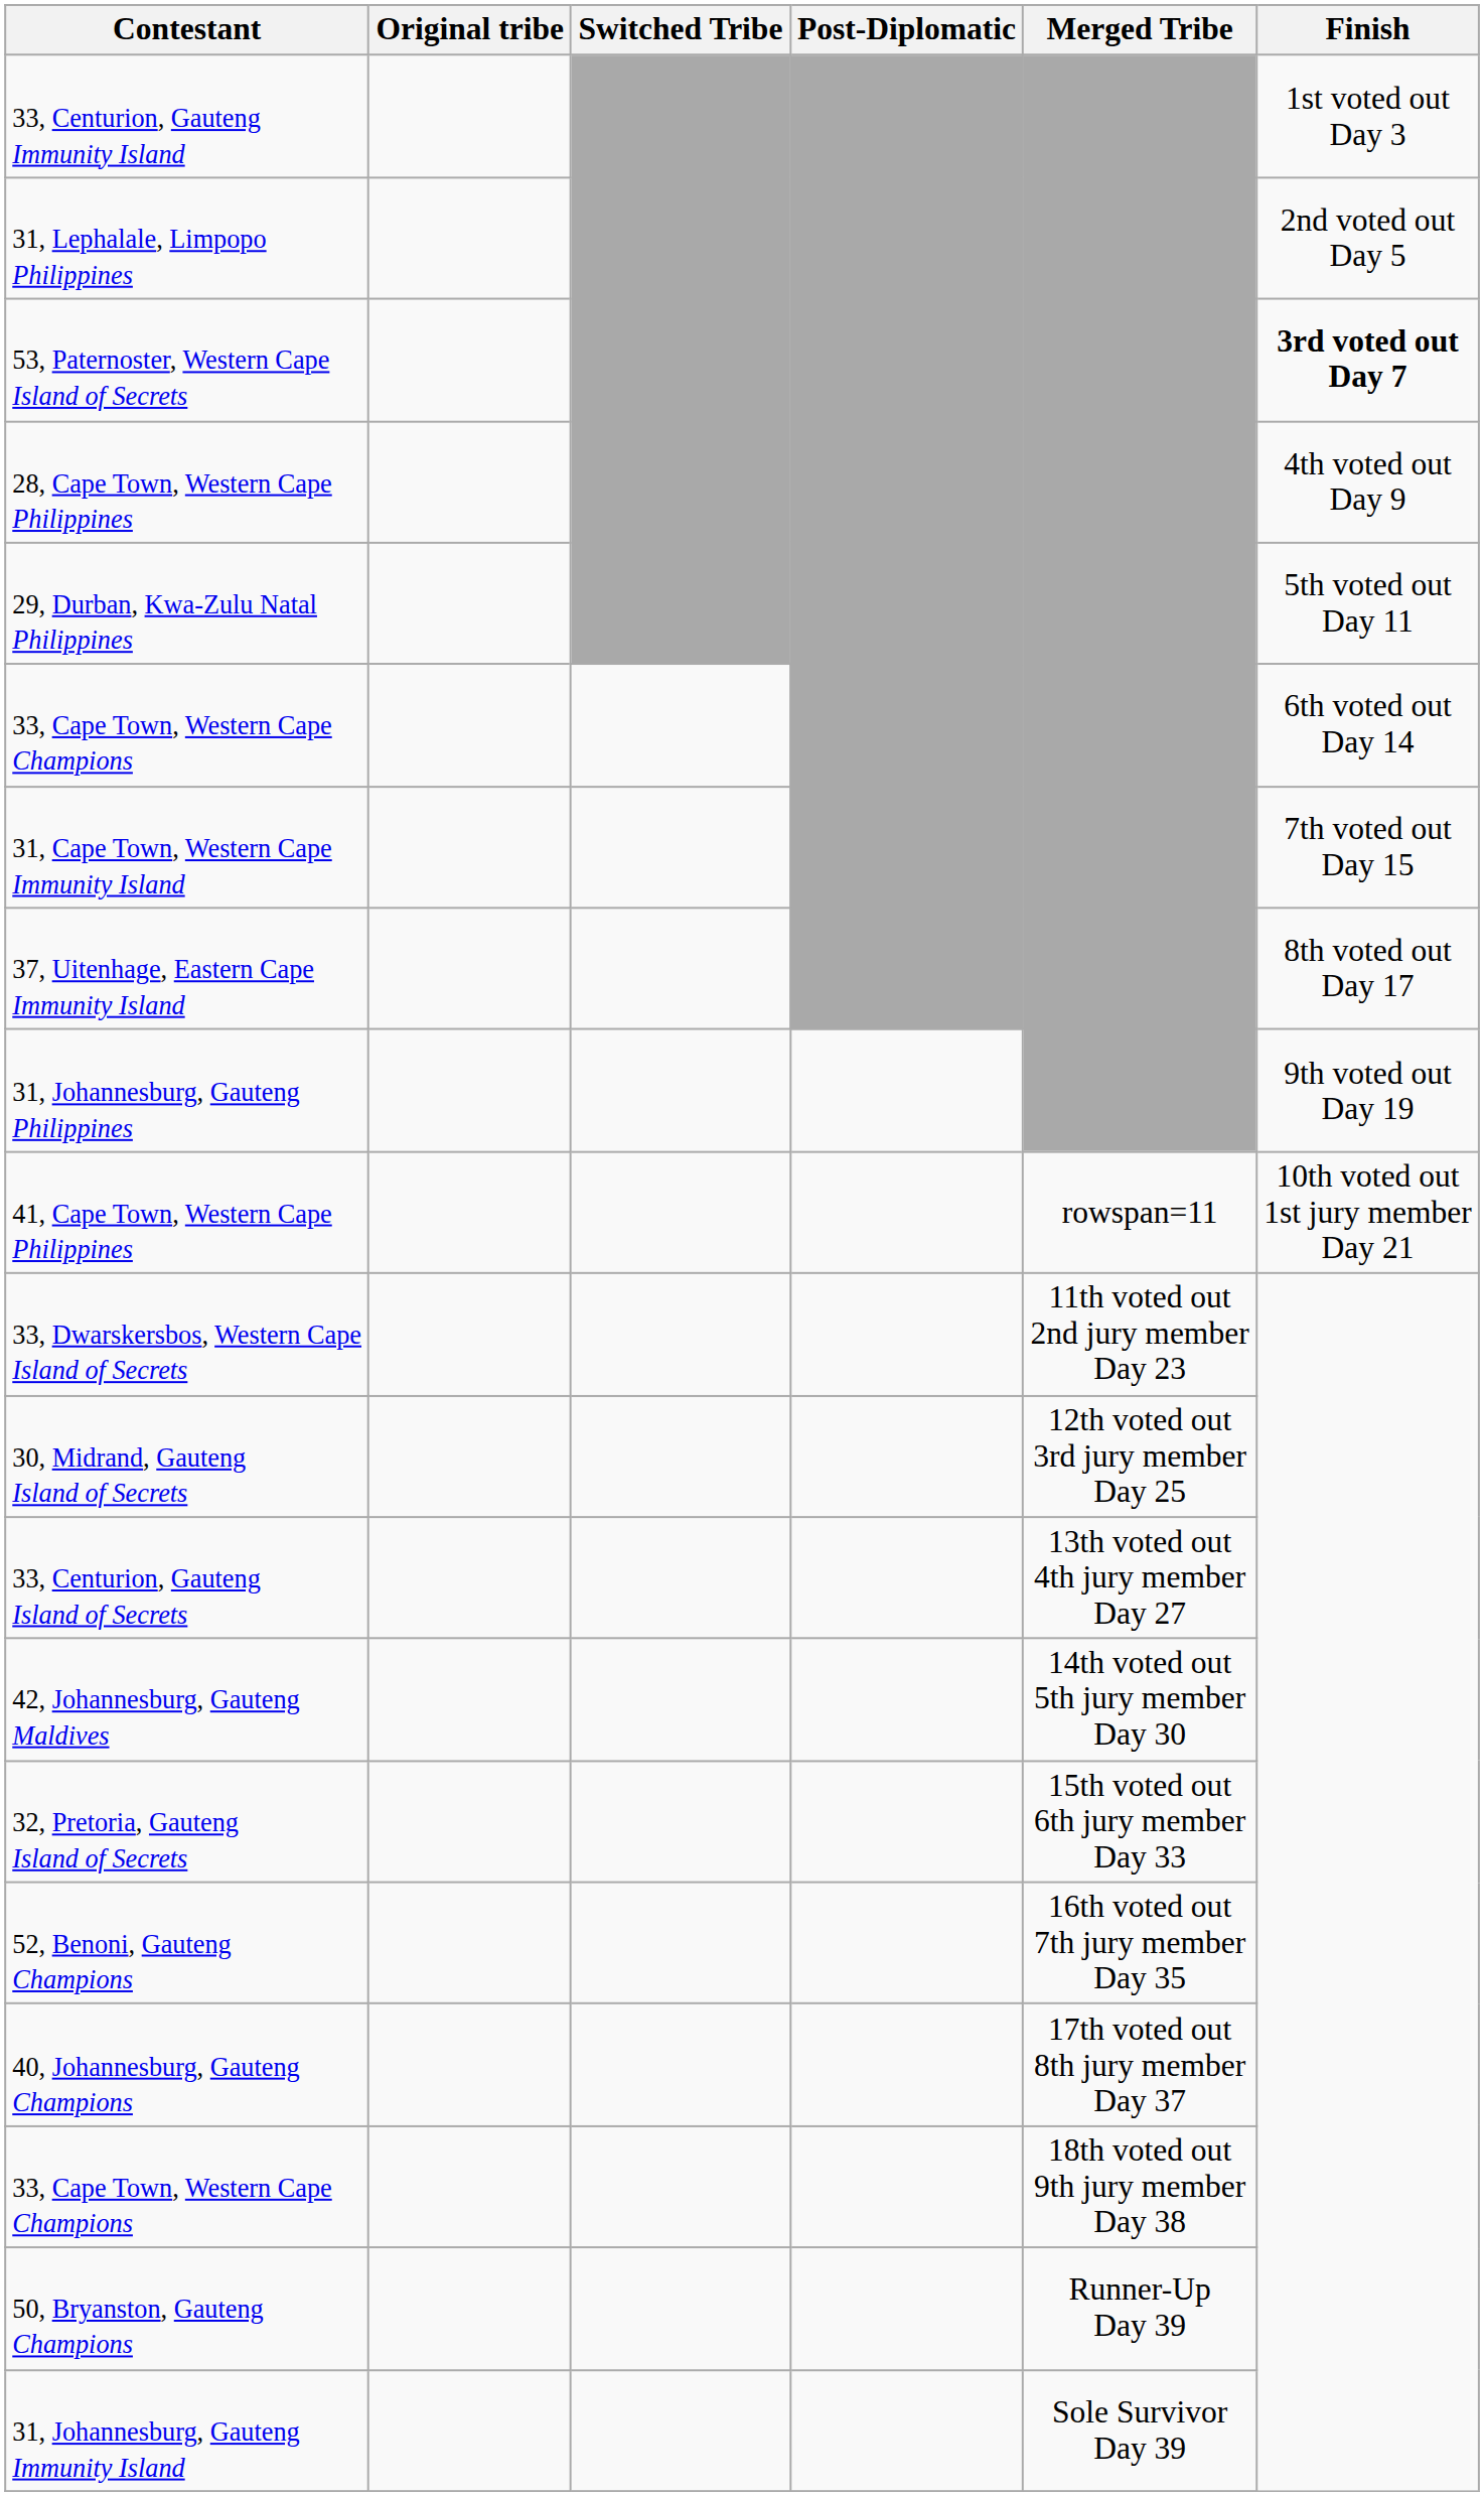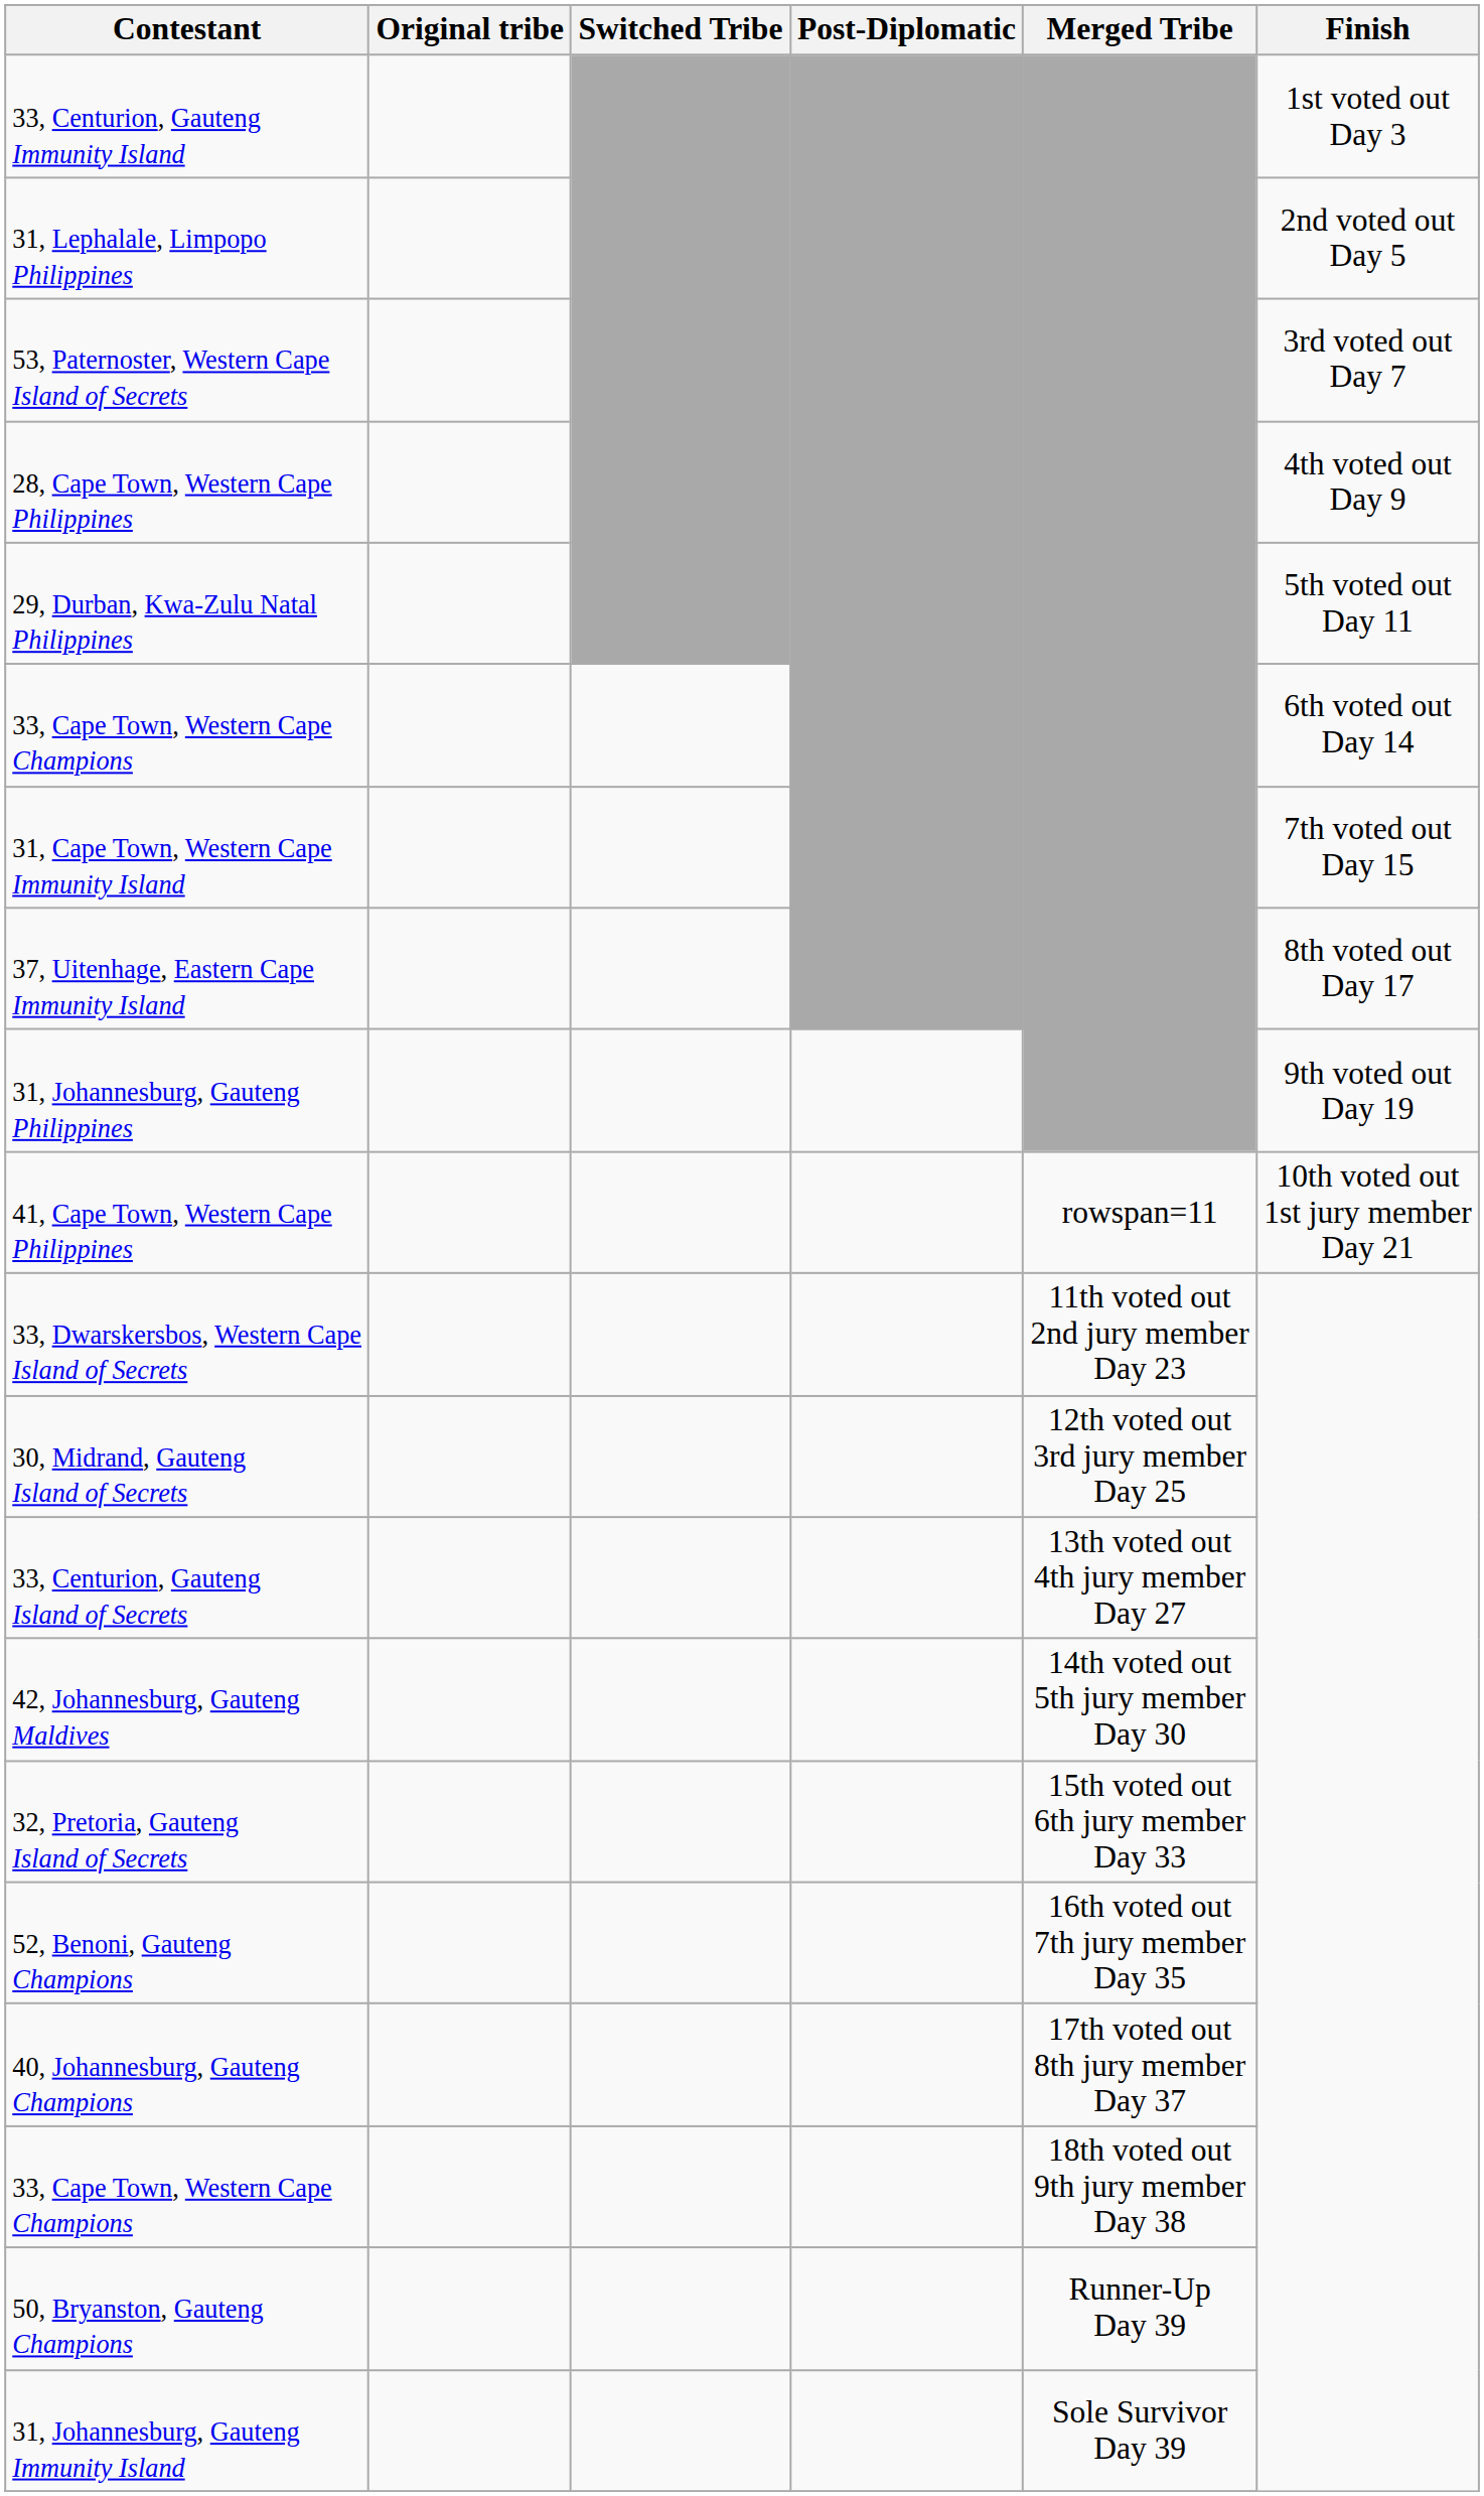 <table class="wikitable sortable" style="margin:auto; text-align:center">
 <tr>
 <th>Contestant</th>
 <th>Original tribe</th>
 <th>Switched Tribe</th>
 <th>Post-Diplomatic</th>
 <th class="unsortable">Merged Tribe</th>
 <th class="unsortable">Finish</th>
 </tr>
 <tr>
 <td align="left"><strong></strong><br><small>33, <a href='#'>Centurion</a>, <a href='#'>Gauteng</a><br><em><a href='#'>Immunity Island</a></em></small></td>
 <td></td>
 <td rowspan="5" bgcolor="darkgray"></td>
 <td rowspan="8" bgcolor="darkgray"></td>
 <td rowspan="9" bgcolor="darkgray"></td>
 <td>1st voted out<br>Day 3</td>
 </tr>
 <tr>
 <td align="left"><strong></strong><br><small>31, <a href='#'>Lephalale</a>, <a href='#'>Limpopo</a><br><em><a href='#'>Philippines</a></em></small></td>
 <td></td>
 <td>2nd voted out<br>Day 5</td>
 </tr>
 <tr>
 <td align="left"><strong></strong><br><small>53, <a href='#'>Paternoster</a>, <a href='#'>Western Cape</a><br><em><a href='#'>Island of Secrets</a></em></small></td>
 <td></td>
-<td><strong>3rd voted out<br>Day 7</strong></td>
+<td>3rd voted out<br>Day 7</td>
 </tr>
 <tr>
 <td align="left"><strong></strong><br><small>28, <a href='#'>Cape Town</a>, <a href='#'>Western Cape</a><br><em><a href='#'>Philippines</a></em></small></td>
 <td></td>
 <td>4th voted out<br>Day 9</td>
 </tr>
 <tr>
 <td align="left"><strong></strong><br><small>29, <a href='#'>Durban</a>, <a href='#'>Kwa-Zulu Natal</a><br><em><a href='#'>Philippines</a></em></small></td>
 <td></td>
 <td>5th voted out<br>Day 11</td>
 </tr>
 <tr>
 <td align="left"><strong></strong><br><small>33, <a href='#'>Cape Town</a>, <a href='#'>Western Cape</a><br><em><a href='#'>Champions</a></em></small></td>
 <td></td>
 <td></td>
 <td>6th voted out<br>Day 14</td>
 </tr>
 <tr>
 <td align="left"><strong></strong><br><small>31, <a href='#'>Cape Town</a>, <a href='#'>Western Cape</a><br><em><a href='#'>Immunity Island</a></em></small></td>
 <td></td>
 <td></td>
 <td>7th voted out<br>Day 15</td>
 </tr>
 <tr>
 <td align="left"><strong></strong><br><small>37, <a href='#'>Uitenhage</a>, <a href='#'>Eastern Cape</a><br><em><a href='#'>Immunity Island</a></em></small></td>
 <td></td>
 <td></td>
 <td>8th voted out<br>Day 17</td>
 </tr>
 <tr>
 <td align="left"><strong></strong><br><small>31, <a href='#'>Johannesburg</a>, <a href='#'>Gauteng</a><br><em><a href='#'>Philippines</a></em></small></td>
 <td></td>
 <td></td>
 <td></td>
 <td>9th voted out<br>Day 19</td>
 </tr>
 <tr>
 <td align="left"><strong></strong><br><small>41, <a href='#'>Cape Town</a>, <a href='#'>Western Cape</a><br><em><a href='#'>Philippines</a></em></small></td>
 <td></td>
 <td></td>
 <td></td>
 <td>rowspan=11 </td>
 <td>10th voted out<br>1st jury member<br>Day 21</td>
 </tr>
 <tr>
 <td align="left"><strong></strong><br><small>33, <a href='#'>Dwarskersbos</a>, <a href='#'>Western Cape</a><br><em><a href='#'>Island of Secrets</a></em></small></td>
 <td></td>
 <td></td>
 <td></td>
 <td>11th voted out<br>2nd jury member<br>Day 23</td>
 </tr>
 <tr>
 <td align="left"><strong></strong><br><small>30, <a href='#'>Midrand</a>, <a href='#'>Gauteng</a><br><em><a href='#'>Island of Secrets</a></em></small></td>
 <td></td>
 <td></td>
 <td></td>
 <td>12th voted out<br>3rd jury member<br>Day 25</td>
 </tr>
 <tr>
 <td align="left"><strong></strong><br><small>33, <a href='#'>Centurion</a>, <a href='#'>Gauteng</a><br><em><a href='#'>Island of Secrets</a></em></small></td>
 <td></td>
 <td></td>
 <td></td>
 <td>13th voted out<br>4th jury member<br>Day 27</td>
 </tr>
 <tr>
 <td align="left"><strong></strong><br><small>42, <a href='#'>Johannesburg</a>, <a href='#'>Gauteng</a><br><em><a href='#'>Maldives</a></em></small></td>
 <td></td>
 <td></td>
 <td></td>
 <td>14th voted out<br>5th jury member<br>Day 30</td>
 </tr>
 <tr>
 <td align="left"><strong></strong><br><small>32, <a href='#'>Pretoria</a>, <a href='#'>Gauteng</a><br><em><a href='#'>Island of Secrets</a></em></small></td>
 <td></td>
 <td></td>
 <td></td>
 <td>15th voted out<br>6th jury member<br>Day 33</td>
 </tr>
 <tr>
 <td align="left"><strong></strong><br><small>52, <a href='#'>Benoni</a>, <a href='#'>Gauteng</a><br><em><a href='#'>Champions</a></em></small></td>
 <td></td>
 <td></td>
 <td></td>
 <td>16th voted out<br>7th jury member<br>Day 35</td>
 </tr>
 <tr>
 <td align="left"><strong></strong><br><small>40, <a href='#'>Johannesburg</a>, <a href='#'>Gauteng</a><br><em><a href='#'>Champions</a></em></small></td>
 <td></td>
 <td></td>
 <td></td>
 <td>17th voted out<br>8th jury member<br>Day 37</td>
 </tr>
 <tr>
 <td align="left"><strong></strong><br><small>33, <a href='#'>Cape Town</a>, <a href='#'>Western Cape</a><br><em><a href='#'>Champions</a></em></small></td>
 <td></td>
 <td></td>
 <td></td>
 <td>18th voted out<br>9th jury member<br>Day 38</td>
 </tr>
 <tr>
 <td align="left"><strong></strong><br><small>50, <a href='#'>Bryanston</a>, <a href='#'>Gauteng</a><br><em><a href='#'>Champions</a></em></small></td>
 <td></td>
 <td></td>
 <td></td>
 <td>Runner-Up<br>Day 39</td>
 </tr>
 <tr>
 <td align="left"><strong></strong><br><small>31, <a href='#'>Johannesburg</a>, <a href='#'>Gauteng</a><br><em><a href='#'>Immunity Island</a></em></small></td>
 <td></td>
 <td></td>
 <td></td>
 <td>Sole Survivor<br>Day 39</td>
 </tr>
 <tr>
 </tr>
 </table>
